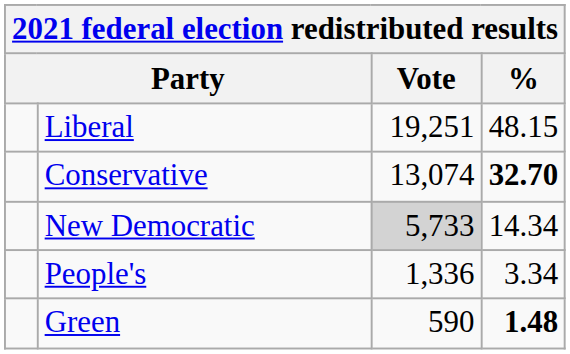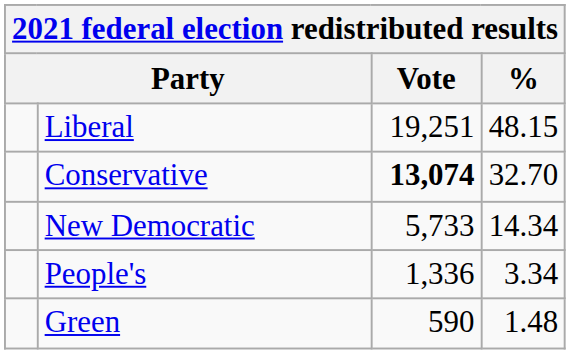 <table class="wikitable">
 <tr>
 <th colspan="4"><a href='#'>2021 federal election</a> redistributed results</th>
 </tr>
 <tr>
 <th bgcolor="#DDDDFF" width="130px" colspan="2">Party</th>
 <th bgcolor="#DDDDFF" width="50px">Vote</th>
 <th bgcolor="#DDDDFF" width="30px">%</th>
 </tr>
 <tr>
 <td> </td>
 <td><a href='#'>Liberal</a></td>
 <td align=right>19,251</td>
 <td align=right>48.15</td>
 </tr>
 <tr>
 <td> </td>
 <td><a href='#'>Conservative</a></td>
-<td align=right>13,074</td>
-<td align=right><strong>32.70</strong></td>
+<td align=right><strong>13,074</strong></td>
+<td align=right>32.70</td>
 </tr>
 <tr>
 <td> </td>
 <td><a href='#'>New Democratic</a></td>
-<td align=right style="background: lightgrey;">5,733</td>
+<td align=right>5,733</td>
 <td align=right>14.34</td>
 </tr>
 <tr>
 <td> </td>
 <td><a href='#'>People's</a></td>
 <td align=right>1,336</td>
 <td align=right>3.34</td>
 </tr>
 <tr>
 <td> </td>
 <td><a href='#'>Green</a></td>
 <td align=right>590</td>
-<td align=right><strong>1.48</strong></td>
+<td align=right>1.48</td>
 </tr>
 </table>
